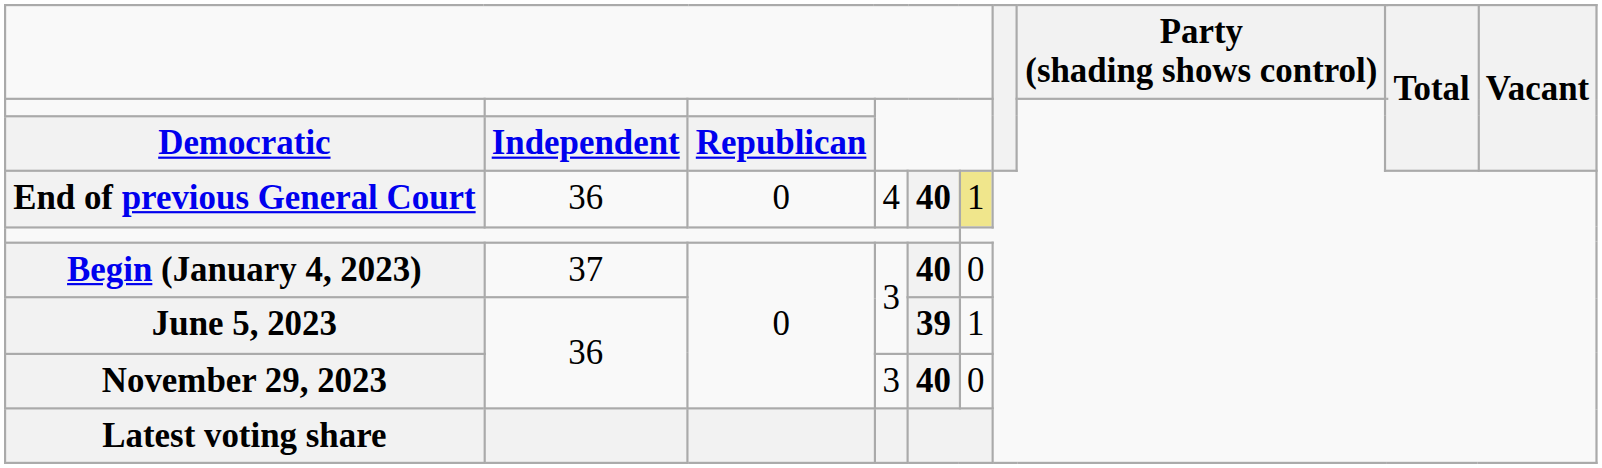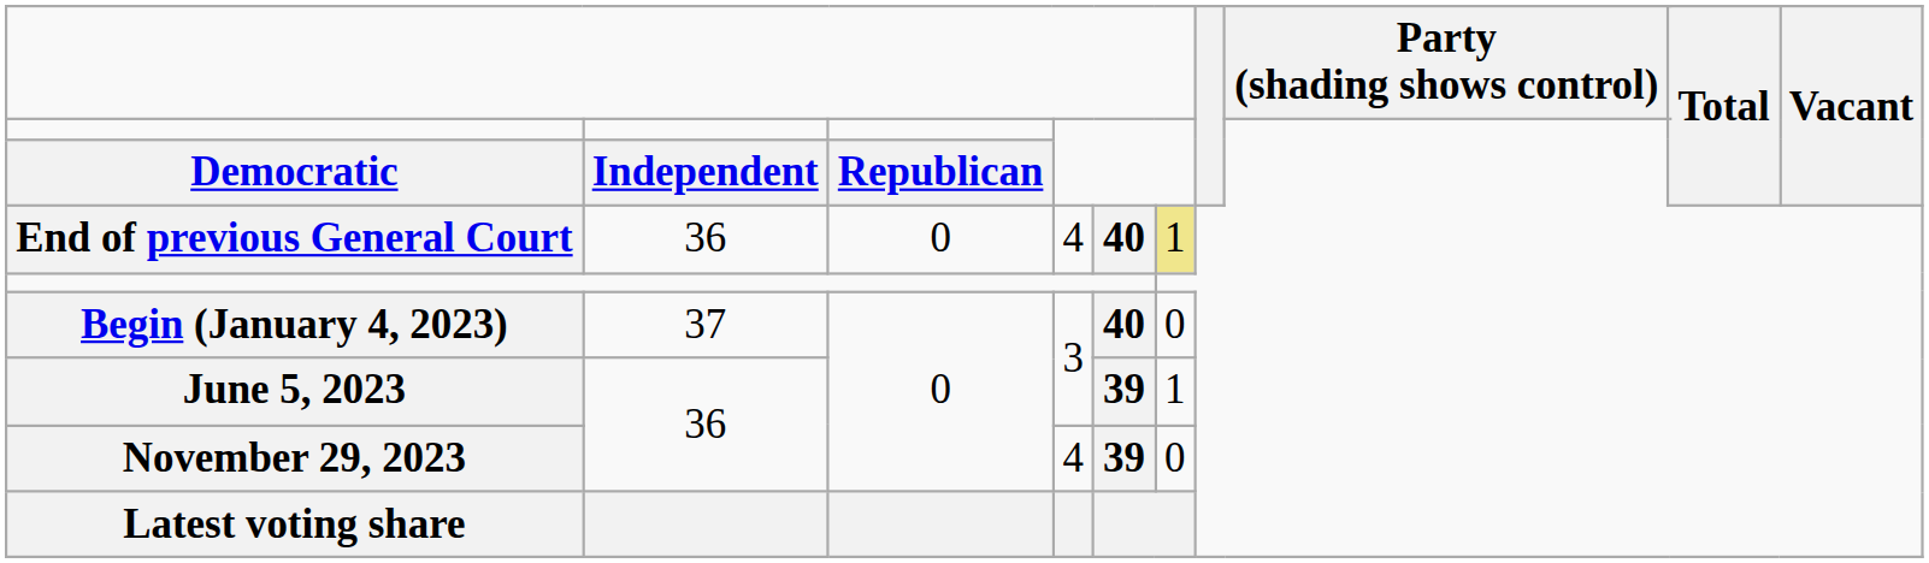 <table class="wikitable" style="text-align:center;">
 <tr>
 <td colspan=6 align=center><div></div></td>
 <th scope="col" rowspan="3"> </th>
 <th scope="col" colspan="3">Party<div>(shading shows control)</div></th>
 <th scope="col" rowspan="3">Total</th>
 <th scope="col" rowspan="3">Vacant</th>
 </tr>
 <tr style="height:5px">
 <td style="background-color:"></td>
 <td style="background-color:"></td>
 <td style="background-color:"></td>
 </tr>
 <tr>
 <th scope="col"><a href='#'>Democratic</a></th>
 <th scope="col"><a href='#'>Independent</a></th>
 <th scope="col"><a href='#'>Republican</a></th>
 </tr>
 <tr>
 <th scope="row">End of <a href='#'>previous General Court</a></th>
 <td>36</td>
 <td>0</td>
 <td>4</td>
 <th>40</th>
 <td style="background: khaki;">1</td>
 </tr>
 <tr>
 <td colspan="5"></td>
 </tr>
 <tr>
 <th scope="row"><a href='#'>Begin</a> (January 4, 2023)</th>
 <td>37</td>
 <td rowspan=3>0</td>
 <td rowspan=2>3</td>
 <th>40</th>
 <td>0</td>
 </tr>
 <tr>
 <th>June 5, 2023 </th>
 <td rowspan=2 >36</td>
 <th>39</th>
 <td>1</td>
 </tr>
 <tr>
 <th>November 29, 2023 </th>
-<td>3</td>
-<th>40</th>
+<td>4</td>
+<th>39</th>
 <td>0</td>
 </tr>
 <tr>
 <th scope="row">Latest voting share</th>
 <th></th>
 <th></th>
 <th></th>
 <th colspan=2> </th>
 </tr>
 </table>
